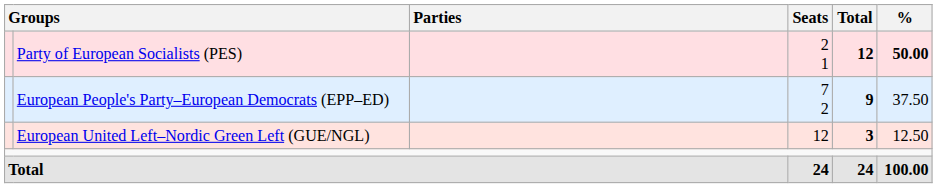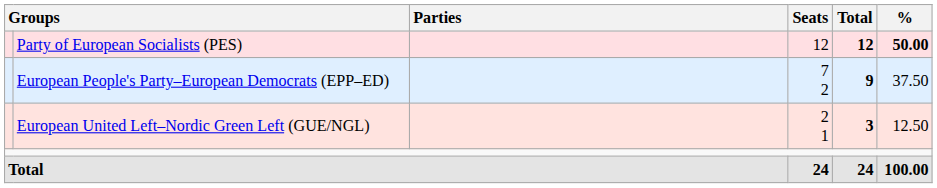 <table class="wikitable" style="text-align:right; font-size:95%; margin-bottom:0">
 <tr>
 <th style="text-align:left;" colspan="2" width="375">Groups</th>
 <th style="text-align:left;" width="350">Parties</th>
 <th width="35">Seats</th>
 <th width="35">Total</th>
 <th width="45">%</th>
 </tr>
 <tr style="background:#FFDFE3;">
 <td style="color:inherit;background:"></td>
 <td align="left"><a href='#'>Party of European Socialists</a> (PES)</td>
 <td align="left"></td>
-<td>2<br>1</td>
+<td>12</td>
 <td><strong>12</strong></td>
 <td><strong>50.00</strong></td>
 </tr>
 <tr style="background:#DFEFFF;">
 <td width="1" style="color:inherit;background:"></td>
 <td align="left"><a href='#'>European People's Party–European Democrats</a> (EPP–ED)</td>
 <td align="left"></td>
 <td>7<br>2</td>
 <td><strong>9</strong></td>
 <td>37.50</td>
 </tr>
 <tr style="background:#FFE3DF;">
 <td style="color:inherit;background:"></td>
 <td align="left"><a href='#'>European United Left–Nordic Green Left</a> (GUE/NGL)</td>
 <td align="left"></td>
-<td>12</td>
+<td>2<br>1</td>
 <td><strong>3</strong></td>
 <td>12.50</td>
 </tr>
 <tr>
 <td colspan="6"></td>
 </tr>
 <tr style="background:#E4E4E4; font-weight:bold;">
 <td align="left" colspan="3">Total</td>
 <td>24</td>
 <td>24</td>
 <td>100.00</td>
 </tr>
 </table>
